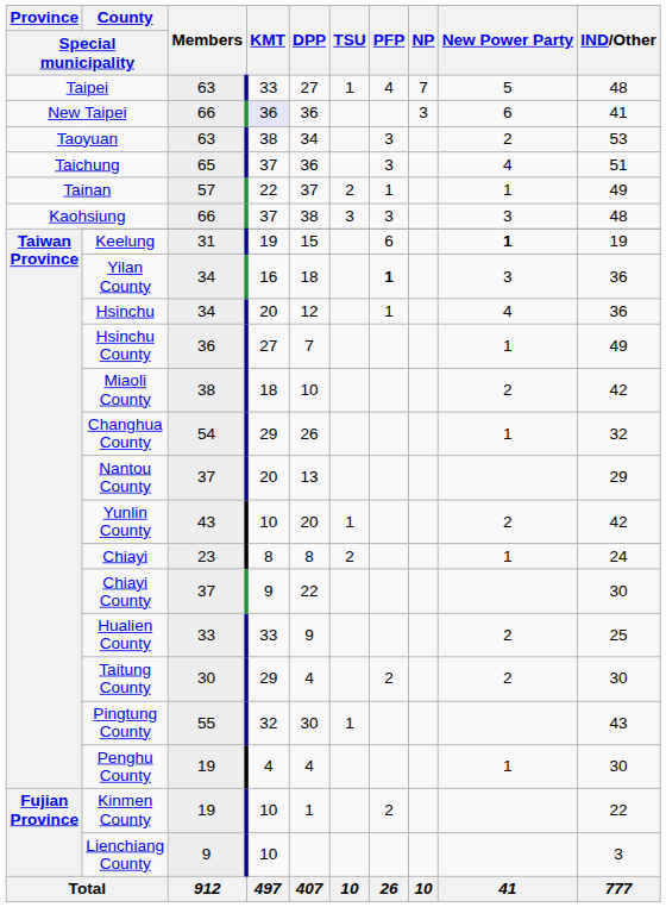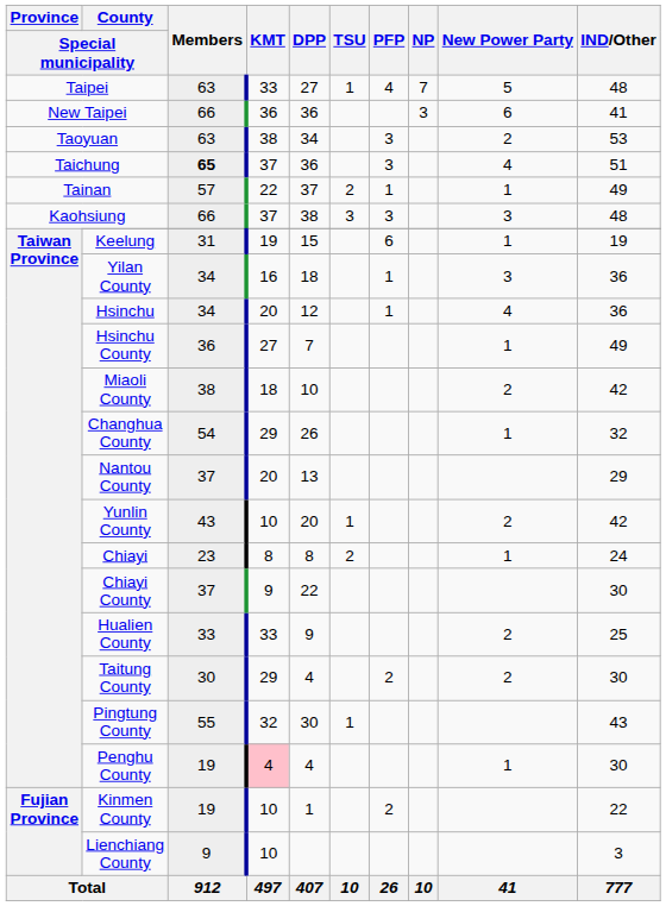 <table class="wikitable collapsible" style="text-align:center; margin:auto">
 <tr>
 <th style="width:60px;"><a href='#'>Province</a></th>
 <th style="width:60px;"><a href='#'>County</a></th>
 <th rowspan=2 style="width:50px;">Members</th>
 <th rowspan="2"><a href='#'>KMT</a></th>
 <th rowspan="2"><a href='#'>DPP</a></th>
 <th rowspan="2"><a href='#'>TSU</a></th>
 <th rowspan="2"><a href='#'>PFP</a></th>
 <th rowspan="2"><a href='#'>NP</a></th>
 <th rowspan="2"><a href='#'>New Power Party</a></th>
 <th rowspan="2"><a href='#'>IND</a>/Other</th>
 </tr>
 <tr>
 <th colspan=2><a href='#'>Special municipality</a></th>
 </tr>
 <tr>
 <td colspan="2"><a href='#'>Taipei</a></td>
 <td bgcolor=#EEEEEE style="border-right:4px solid #000099;">63</td>
 <td>33</td>
 <td>27</td>
 <td>1</td>
 <td>4</td>
 <td>7</td>
 <td>5</td>
 <td>48</td>
 </tr>
 <tr>
 <td colspan="2"><a href='#'>New Taipei</a></td>
 <td bgcolor=#EEEEEE style="border-right:4px solid #1B9431;">66</td>
-<td style="background: lavender;">36</td>
+<td>36</td>
 <td>36</td>
 <td></td>
 <td></td>
 <td>3</td>
 <td>6</td>
 <td>41</td>
 </tr>
 <tr>
 <td colspan="2"><a href='#'>Taoyuan</a></td>
 <td bgcolor=#EEEEEE style="border-right:4px solid #000099;">63</td>
 <td>38</td>
 <td>34</td>
 <td></td>
 <td>3</td>
 <td></td>
 <td>2</td>
 <td>53</td>
 </tr>
 <tr>
 <td colspan="2"><a href='#'>Taichung</a></td>
-<td bgcolor=#EEEEEE style="border-right:4px solid #000099;">65</td>
+<td bgcolor=#EEEEEE style="border-right:4px solid #000099;"><strong>65</strong></td>
 <td>37</td>
 <td>36</td>
 <td></td>
 <td>3</td>
 <td></td>
 <td>4</td>
 <td>51</td>
 </tr>
 <tr>
 <td colspan="2"><a href='#'>Tainan</a></td>
 <td bgcolor=#EEEEEE style="border-right:4px solid #1B9431;">57</td>
 <td>22</td>
 <td>37</td>
 <td>2</td>
 <td>1</td>
 <td></td>
 <td>1</td>
 <td>49</td>
 </tr>
 <tr>
 <td colspan="2"><a href='#'>Kaohsiung</a></td>
 <td bgcolor=#EEEEEE style="border-right:4px solid #1B9431;">66</td>
 <td>37</td>
 <td>38</td>
 <td>3</td>
 <td>3</td>
 <td></td>
 <td>3</td>
 <td>48</td>
 </tr>
 <tr>
 <th rowspan=15 valign=top><a href='#'>Taiwan Province</a></th>
 </tr>
 <tr>
 <td><a href='#'>Keelung</a></td>
 <td bgcolor=#EEEEEE style="border-right:4px solid #000099;">31</td>
 <td>19</td>
 <td>15</td>
 <td></td>
 <td>6</td>
 <td></td>
-<td><strong>1</strong></td>
+<td>1</td>
 <td>19</td>
 </tr>
 <tr>
 <td><a href='#'>Yilan County</a></td>
 <td bgcolor=#EEEEEE style="border-right:4px solid #1B9431;">34</td>
 <td>16</td>
 <td>18</td>
 <td></td>
-<td><strong>1</strong></td>
+<td>1</td>
 <td></td>
 <td>3</td>
 <td>36</td>
 </tr>
 <tr>
 <td><a href='#'>Hsinchu</a></td>
 <td bgcolor=#EEEEEE style="border-right:4px solid #000099;">34</td>
 <td>20</td>
 <td>12</td>
 <td></td>
 <td>1</td>
 <td></td>
 <td>4</td>
 <td>36</td>
 </tr>
 <tr>
 <td><a href='#'>Hsinchu County</a></td>
 <td bgcolor=#EEEEEE style="border-right:4px solid #000099;">36</td>
 <td>27</td>
 <td>7</td>
 <td></td>
 <td></td>
 <td></td>
 <td>1</td>
 <td>49</td>
 </tr>
 <tr>
 <td><a href='#'>Miaoli County</a></td>
 <td bgcolor=#EEEEEE style="border-right:4px solid #000099;">38</td>
 <td>18</td>
 <td>10</td>
 <td></td>
 <td></td>
 <td></td>
 <td>2</td>
 <td>42</td>
 </tr>
 <tr>
 <td><a href='#'>Changhua County</a></td>
 <td bgcolor=#EEEEEE style="border-right:4px solid #000099;">54</td>
 <td>29</td>
 <td>26</td>
 <td></td>
 <td></td>
 <td></td>
 <td>1</td>
 <td>32</td>
 </tr>
 <tr>
 <td><a href='#'>Nantou County</a></td>
 <td bgcolor=#EEEEEE style="border-right:4px solid #000099;">37</td>
 <td>20</td>
 <td>13</td>
 <td></td>
 <td></td>
 <td></td>
 <td></td>
 <td>29</td>
 </tr>
 <tr>
 <td><a href='#'>Yunlin County</a></td>
 <td bgcolor=#EEEEEE style="border-right:4px solid #000000;">43</td>
 <td>10</td>
 <td>20</td>
 <td>1</td>
 <td></td>
 <td></td>
 <td>2</td>
 <td>42</td>
 </tr>
 <tr>
 <td><a href='#'>Chiayi</a></td>
 <td bgcolor=#EEEEEE style="border-right:4px solid #000000;">23</td>
 <td>8</td>
 <td>8</td>
 <td>2</td>
 <td></td>
 <td></td>
 <td>1</td>
 <td>24</td>
 </tr>
 <tr>
 <td><a href='#'>Chiayi County</a></td>
 <td bgcolor=#EEEEEE style="border-right:4px solid #1B9431;">37</td>
 <td>9</td>
 <td>22</td>
 <td></td>
 <td></td>
 <td></td>
 <td></td>
 <td>30</td>
 </tr>
 <tr>
 <td><a href='#'>Hualien County</a></td>
 <td bgcolor=#EEEEEE style="border-right:4px solid #000099;">33</td>
 <td>33</td>
 <td>9</td>
 <td></td>
 <td></td>
 <td></td>
 <td>2</td>
 <td>25</td>
 </tr>
 <tr>
 <td><a href='#'>Taitung County</a></td>
 <td bgcolor=#EEEEEE style="border-right:4px solid #000099;">30</td>
 <td>29</td>
 <td>4</td>
 <td></td>
 <td>2</td>
 <td></td>
 <td>2</td>
 <td>30</td>
 </tr>
 <tr>
 <td><a href='#'>Pingtung County</a></td>
 <td bgcolor=#EEEEEE style="border-right:4px solid #000099;">55</td>
 <td>32</td>
 <td>30</td>
 <td>1</td>
 <td></td>
 <td></td>
 <td></td>
 <td>43</td>
 </tr>
 <tr>
 <td><a href='#'>Penghu County</a></td>
 <td bgcolor=#EEEEEE style="border-right:4px solid #000000;">19</td>
-<td>4</td>
+<td style="background: pink;">4</td>
 <td>4</td>
 <td></td>
 <td></td>
 <td></td>
 <td>1</td>
 <td>30</td>
 </tr>
 <tr>
 <th rowspan=2 valign=top><a href='#'>Fujian Province</a></th>
 <td><a href='#'>Kinmen County</a></td>
 <td bgcolor=#EEEEEE style="border-right:4px solid #000099;">19</td>
 <td>10</td>
 <td>1</td>
 <td></td>
 <td>2</td>
 <td></td>
 <td></td>
 <td>22</td>
 </tr>
 <tr>
 <td><a href='#'>Lienchiang County</a></td>
 <td bgcolor=#EEEEEE style="border-right:4px solid #000099;">9</td>
 <td>10</td>
 <td></td>
 <td></td>
 <td></td>
 <td></td>
 <td></td>
 <td>3</td>
 </tr>
 <tr>
 <th colspan=2>Total</th>
 <th><em>912</em></th>
 <th><em>497</em></th>
 <th><em>407</em></th>
 <th><em>10</em></th>
 <th><em>26</em></th>
 <th><em>10</em></th>
 <th><em>41</em></th>
 <th><em>777</em></th>
 </tr>
 </table>
